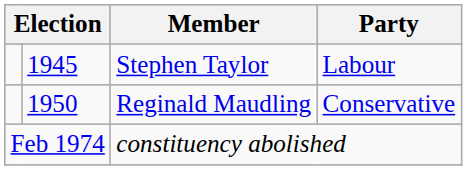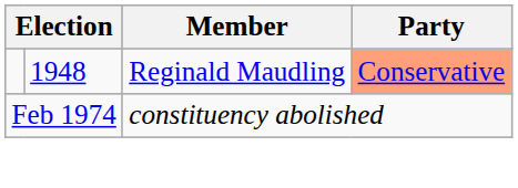 <table class="wikitable">
 <tr>
 <th colspan="2">Election</th>
 <th>Member</th>
 <th>Party</th>
 </tr>
 <tr>
 <td style="color:inherit;background-color: "></td>
-<td><a href='#'>1945</a></td>
-<td><a href='#'>Stephen Taylor</a></td>
-<td><a href='#'>Labour</a></td>
-</tr>
-<tr>
-<td style="color:inherit;background-color: "></td>
-<td><a href='#'>1950</a></td>
+<td><a href='#'>1948</a></td>
 <td><a href='#'>Reginald Maudling</a></td>
-<td><a href='#'>Conservative</a></td>
+<td style="background: lightsalmon;"><a href='#'>Conservative</a></td>
 </tr>
 <tr>
 <td colspan="2" align="center"><a href='#'>Feb 1974</a></td>
 <td colspan="2"><em>constituency abolished</em></td>
 </tr>
 </table>
